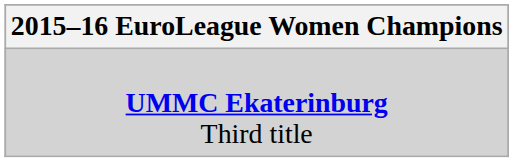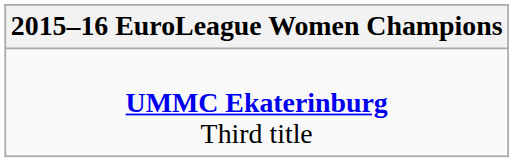 <table class=wikitable style="text-align:center; margin:auto">
 <tr>
 <th>2015–16 EuroLeague Women Champions</th>
 </tr>
 <tr>
-<td style="background: lightgrey;"> <br><strong><a href='#'>UMMC Ekaterinburg</a></strong><br>Third title</td>
+<td> <br><strong><a href='#'>UMMC Ekaterinburg</a></strong><br>Third title</td>
 </tr>
 </table>
